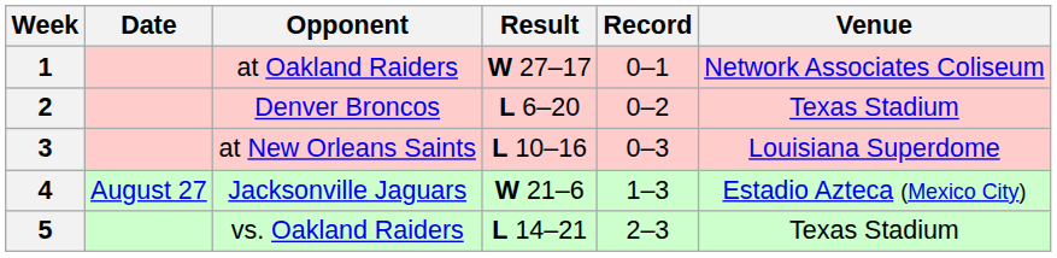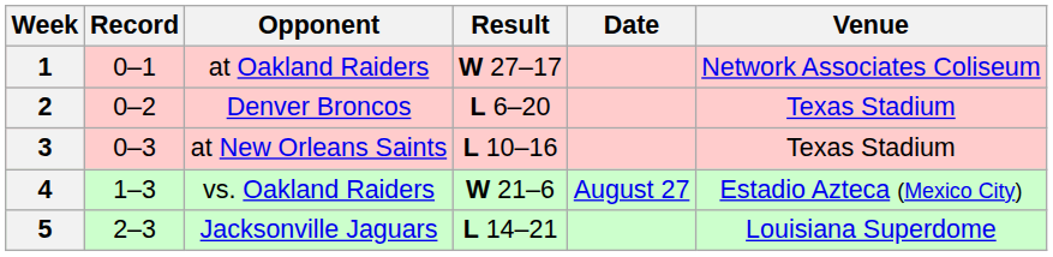 <table class="wikitable" style="text-align:center">
 <tr>
 <th>Week</th>
-<th>Date</th>
+<th>Record</th>
 <th>Opponent</th>
 <th>Result</th>
-<th>Record</th>
+<th>Date</th>
 <th>Venue</th>
 </tr>
 <tr style="background:#fcc">
 <th>1</th>
-<td></td>
+<td>0–1</td>
 <td>at <a href='#'>Oakland Raiders</a></td>
 <td><strong>W</strong> 27–17</td>
-<td>0–1</td>
+<td></td>
 <td><a href='#'>Network Associates Coliseum</a></td>
 </tr>
 <tr style="background:#fcc">
 <th>2</th>
-<td></td>
+<td>0–2</td>
 <td><a href='#'>Denver Broncos</a></td>
 <td><strong>L</strong> 6–20</td>
-<td>0–2</td>
+<td></td>
 <td><a href='#'>Texas Stadium</a></td>
 </tr>
 <tr style="background:#fcc">
 <th>3</th>
-<td></td>
+<td>0–3</td>
 <td>at <a href='#'>New Orleans Saints</a></td>
 <td><strong>L</strong> 10–16</td>
-<td>0–3</td>
-<td><a href='#'>Louisiana Superdome</a></td>
+<td></td>
+<td>Texas Stadium</td>
 </tr>
 <tr style="background:#cfc">
 <th>4</th>
+<td>1–3</td>
+<td>vs. <a href='#'>Oakland Raiders</a></td>
+<td><strong>W</strong> 21–6</td>
 <td><a href='#'>August 27</a></td>
-<td><a href='#'>Jacksonville Jaguars</a></td>
-<td><strong>W</strong> 21–6</td>
-<td>1–3</td>
 <td> <a href='#'>Estadio Azteca</a> <small>(<a href='#'>Mexico City</a>)</small></td>
 </tr>
 <tr style="background:#cfc">
 <th>5</th>
+<td>2–3</td>
+<td><a href='#'>Jacksonville Jaguars</a></td>
+<td><strong>L</strong> 14–21</td>
 <td></td>
-<td>vs. <a href='#'>Oakland Raiders</a></td>
-<td><strong>L</strong> 14–21</td>
-<td>2–3</td>
-<td>Texas Stadium</td>
+<td><a href='#'>Louisiana Superdome</a></td>
 </tr>
 </table>
